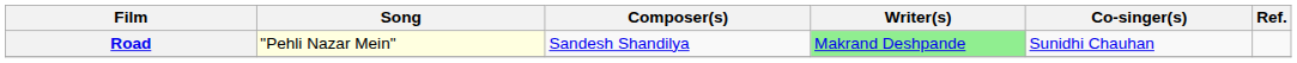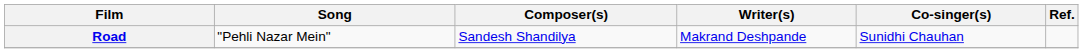 <table class="wikitable plainrowheaders" width="100%" "textcolor:#000;">
 <tr>
 <th scope="col" width=20%><strong>Film</strong></th>
 <th scope="col" width=23%><strong>Song</strong></th>
 <th scope="col" width=21%><strong>Composer(s)</strong></th>
 <th scope="col" width=17%><strong>Writer(s)</strong></th>
 <th scope="col" width=18%><strong>Co-singer(s)</strong></th>
 <th scope="col" width=1%><strong>Ref.</strong></th>
 </tr>
 <tr>
 <th scope="row"><a href='#'><strong>Road</strong></a></th>
-<td style="background: lightyellow;">"Pehli Nazar Mein"</td>
+<td>"Pehli Nazar Mein"</td>
 <td><a href='#'>Sandesh Shandilya</a></td>
-<td style="background: lightgreen;"><a href='#'>Makrand Deshpande</a></td>
+<td><a href='#'>Makrand Deshpande</a></td>
 <td><a href='#'>Sunidhi Chauhan</a></td>
 <td></td>
 </tr>
 <tr>
 </tr>
 </table>
